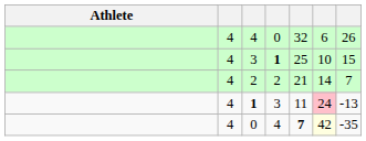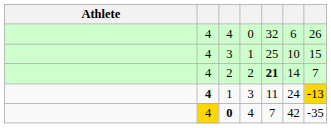 <table class="wikitable" style="text-align:center;">
 <tr>
 <th width=240>Athlete</th>
 <th width=20></th>
 <th width=20></th>
 <th width=20></th>
 <th width=20></th>
 <th width=20></th>
 <th width=20></th>
 </tr>
 <tr bgcolor=ccffcc>
 <td align="left"></td>
 <td>4</td>
 <td>4</td>
 <td>0</td>
 <td>32</td>
 <td>6</td>
 <td>26</td>
 </tr>
 <tr bgcolor=ccffcc>
 <td align="left"></td>
 <td>4</td>
 <td>3</td>
-<td><strong>1</strong></td>
+<td>1</td>
 <td>25</td>
 <td>10</td>
 <td>15</td>
 </tr>
 <tr bgcolor=ccffcc>
 <td align="left"></td>
 <td>4</td>
 <td>2</td>
 <td>2</td>
-<td>21</td>
+<td><strong>21</strong></td>
 <td>14</td>
 <td>7</td>
 </tr>
 <tr>
 <td align="left"></td>
-<td>4</td>
-<td><strong>1</strong></td>
+<td><strong>4</strong></td>
+<td>1</td>
 <td>3</td>
 <td>11</td>
-<td style="background: pink;">24</td>
-<td>-13</td>
+<td>24</td>
+<td style="background: gold;">-13</td>
 </tr>
 <tr>
 <td align="left"></td>
+<td style="background: gold;">4</td>
+<td><strong>0</strong></td>
 <td>4</td>
-<td>0</td>
-<td>4</td>
-<td><strong>7</strong></td>
-<td style="background: lightyellow;">42</td>
+<td>7</td>
+<td>42</td>
 <td>-35</td>
 </tr>
 </table>
